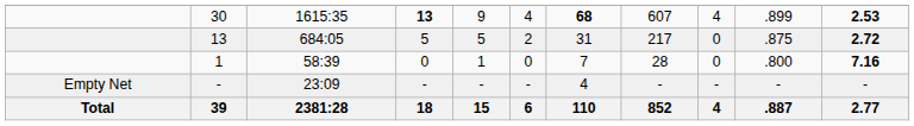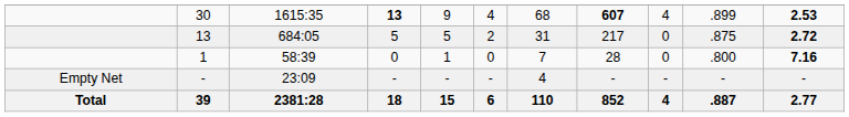 <table class="wikitable sortable" width ="1000">
 <tr align="center">
 </tr>
 <tr align="center" bgcolor="">
 <td></td>
 <td>30</td>
 <td>1615:35</td>
 <td><strong>13</strong></td>
 <td>9</td>
 <td>4</td>
-<td><strong>68</strong></td>
-<td>607</td>
+<td>68</td>
+<td><strong>607</strong></td>
 <td>4</td>
 <td>.899</td>
 <td><strong>2.53</strong></td>
 </tr>
 <tr align="center" bgcolor="f0f0f0">
 <td></td>
 <td>13</td>
 <td>684:05</td>
 <td>5</td>
 <td>5</td>
 <td>2</td>
 <td>31</td>
 <td>217</td>
 <td>0</td>
 <td>.875</td>
 <td><strong>2.72</strong></td>
 </tr>
 <tr align="center" bgcolor="">
 <td></td>
 <td>1</td>
 <td>58:39</td>
 <td>0</td>
 <td>1</td>
 <td>0</td>
 <td>7</td>
 <td>28</td>
 <td>0</td>
 <td>.800</td>
 <td><strong>7.16</strong></td>
 </tr>
 <tr align="center" bgcolor="f0f0f0">
 <td>Empty Net</td>
 <td>-</td>
 <td>23:09</td>
 <td>-</td>
 <td>-</td>
 <td>-</td>
 <td>4</td>
 <td>-</td>
 <td>-</td>
 <td>-</td>
 <td>-</td>
 </tr>
 <tr>
 <th>Total</th>
 <th>39</th>
 <th>2381:28</th>
 <th>18</th>
 <th>15</th>
 <th>6</th>
 <th>110</th>
 <th>852</th>
 <th>4</th>
 <th>.887</th>
 <th>2.77</th>
 </tr>
 </table>
